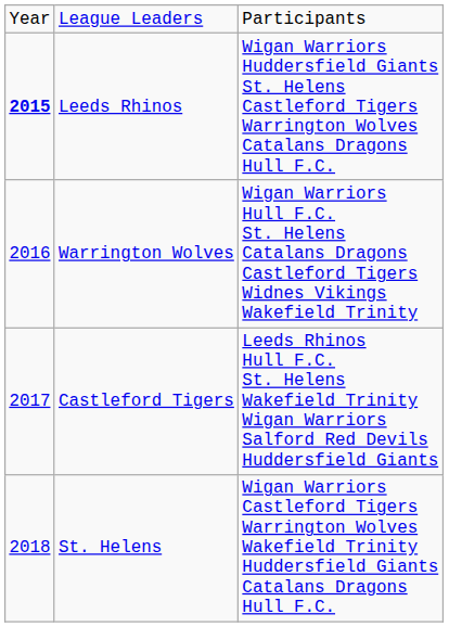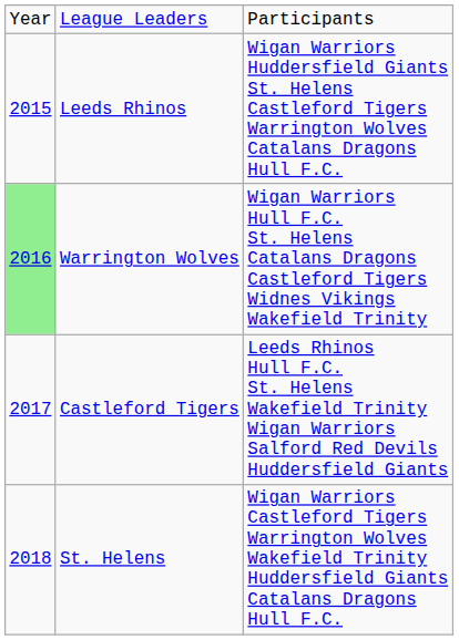 <table class="wikitable" style="text-align:left;">
 <tr>
 <td>Year</td>
 <td><a href='#'>League Leaders</a></td>
 <td>Participants</td>
 </tr>
 <tr>
-<td><strong><a href='#'>2015</a></strong></td>
+<td><a href='#'>2015</a></td>
 <td> <a href='#'>Leeds Rhinos</a></td>
 <td> <a href='#'>Wigan Warriors</a><br> <a href='#'>Huddersfield Giants</a><br> <a href='#'>St. Helens</a><br> <a href='#'>Castleford Tigers</a><br> <a href='#'>Warrington Wolves</a><br> <a href='#'>Catalans Dragons</a><br> <a href='#'>Hull F.C.</a></td>
 </tr>
 <tr>
-<td><a href='#'>2016</a></td>
+<td style="background: lightgreen;"><a href='#'>2016</a></td>
 <td> <a href='#'>Warrington Wolves</a></td>
 <td> <a href='#'>Wigan Warriors</a><br> <a href='#'>Hull F.C.</a><br> <a href='#'>St. Helens</a><br> <a href='#'>Catalans Dragons</a><br> <a href='#'>Castleford Tigers</a><br> <a href='#'>Widnes Vikings</a><br> <a href='#'>Wakefield Trinity</a></td>
 </tr>
 <tr>
 <td><a href='#'>2017</a></td>
 <td> <a href='#'>Castleford Tigers</a></td>
 <td> <a href='#'>Leeds Rhinos</a><br> <a href='#'>Hull F.C.</a><br> <a href='#'>St. Helens</a><br> <a href='#'>Wakefield Trinity</a><br> <a href='#'>Wigan Warriors</a><br> <a href='#'>Salford Red Devils</a><br> <a href='#'>Huddersfield Giants</a></td>
 </tr>
 <tr>
 <td><a href='#'>2018</a></td>
 <td> <a href='#'>St. Helens</a></td>
 <td> <a href='#'>Wigan Warriors</a><br> <a href='#'>Castleford Tigers</a><br>  <a href='#'>Warrington Wolves</a><br> <a href='#'>Wakefield Trinity</a><br> <a href='#'>Huddersfield Giants</a><br> <a href='#'>Catalans Dragons</a><br> <a href='#'>Hull F.C.</a></td>
 </tr>
 </table>
